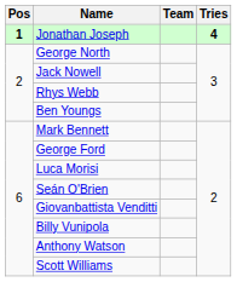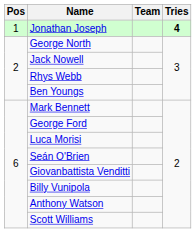 <table class="wikitable" style="text-align:center">
 <tr>
 <th>Pos</th>
 <th>Name</th>
 <th>Team</th>
 <th>Tries</th>
 </tr>
 <tr style="background:#d0ffd0">
-<td><strong>1</strong></td>
+<td>1</td>
 <td align="left"><a href='#'>Jonathan Joseph</a></td>
 <td align="left"></td>
 <td><strong>4</strong></td>
 </tr>
 <tr>
 <td rowspan=4>2</td>
 <td align="left"><a href='#'>George North</a></td>
 <td align="left"></td>
 <td rowspan=4>3</td>
 </tr>
 <tr>
 <td align="left"><a href='#'>Jack Nowell</a></td>
 <td align="left"></td>
 </tr>
 <tr>
 <td align="left"><a href='#'>Rhys Webb</a></td>
 <td align="left"></td>
 </tr>
 <tr>
 <td align="left"><a href='#'>Ben Youngs</a></td>
 <td align="left"></td>
 </tr>
 <tr>
 <td rowspan=8>6</td>
 <td align="left"><a href='#'>Mark Bennett</a></td>
 <td align="left"></td>
 <td rowspan=8>2</td>
 </tr>
 <tr>
 <td align="left"><a href='#'>George Ford</a></td>
 <td align="left"></td>
 </tr>
 <tr>
 <td align="left"><a href='#'>Luca Morisi</a></td>
 <td align="left"></td>
 </tr>
 <tr>
 <td align="left"><a href='#'>Seán O'Brien</a></td>
 <td align="left"></td>
 </tr>
 <tr>
 <td align="left"><a href='#'>Giovanbattista Venditti</a></td>
 <td align="left"></td>
 </tr>
 <tr>
 <td align="left"><a href='#'>Billy Vunipola</a></td>
 <td align="left"></td>
 </tr>
 <tr>
 <td align="left"><a href='#'>Anthony Watson</a></td>
 <td align="left"></td>
 </tr>
 <tr>
 <td align="left"><a href='#'>Scott Williams</a></td>
 <td align="left"></td>
 </tr>
 </table>
